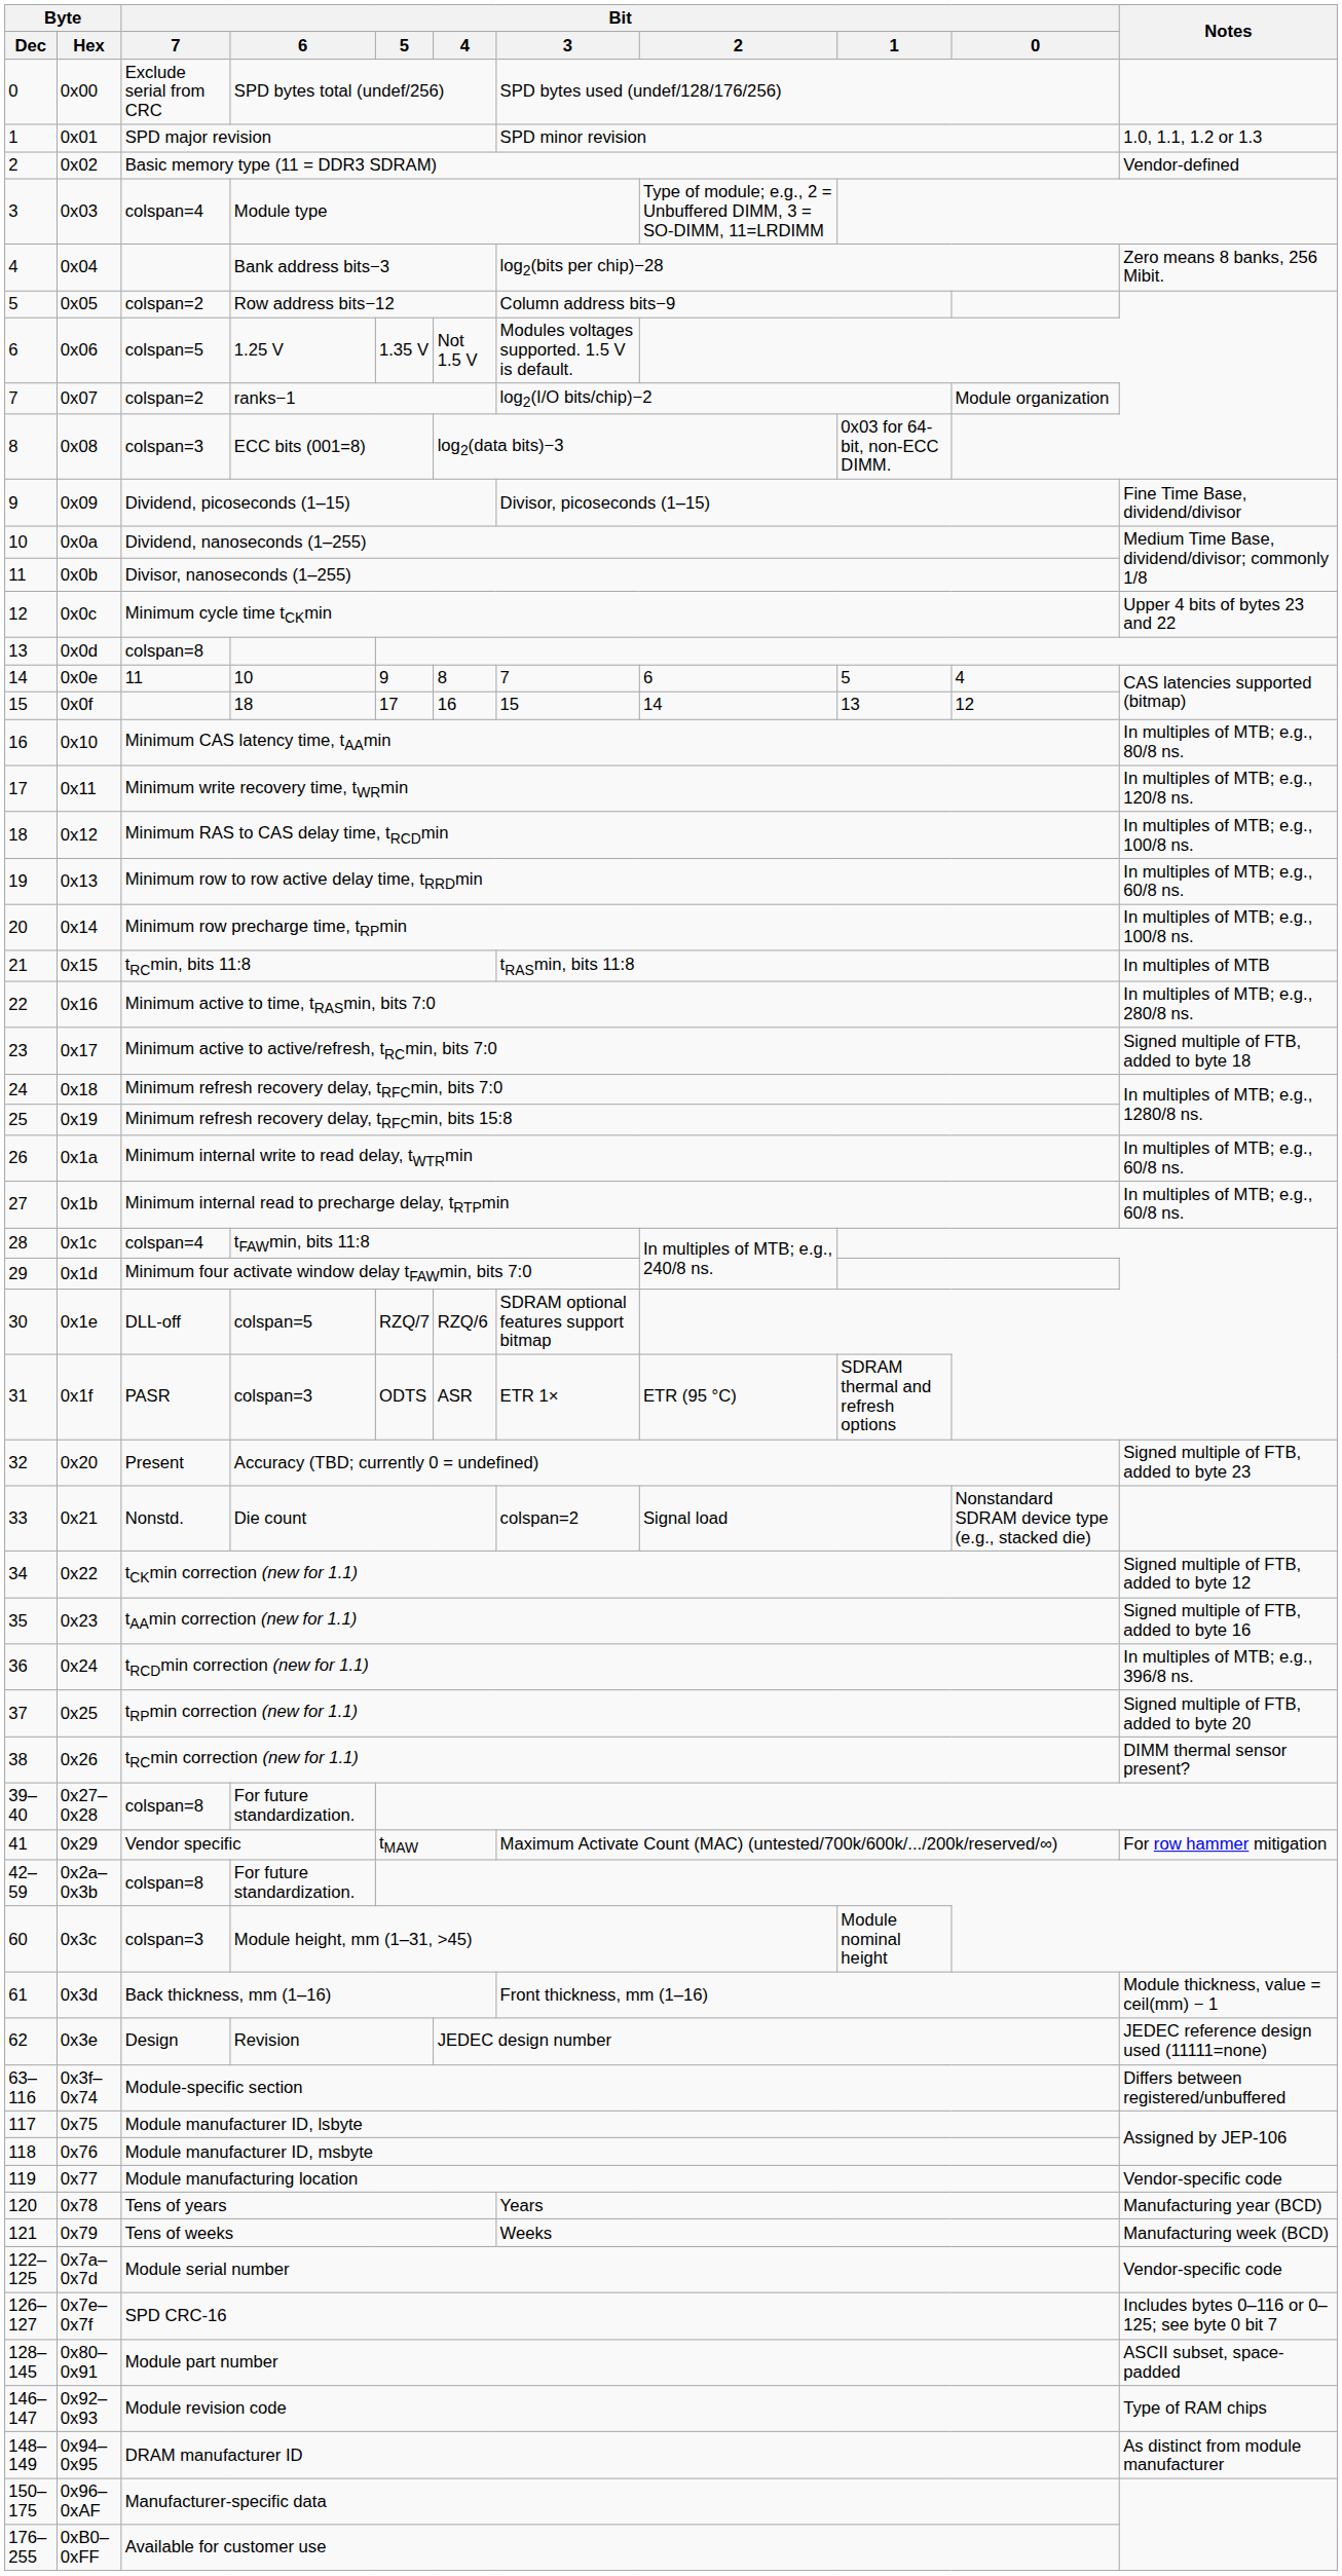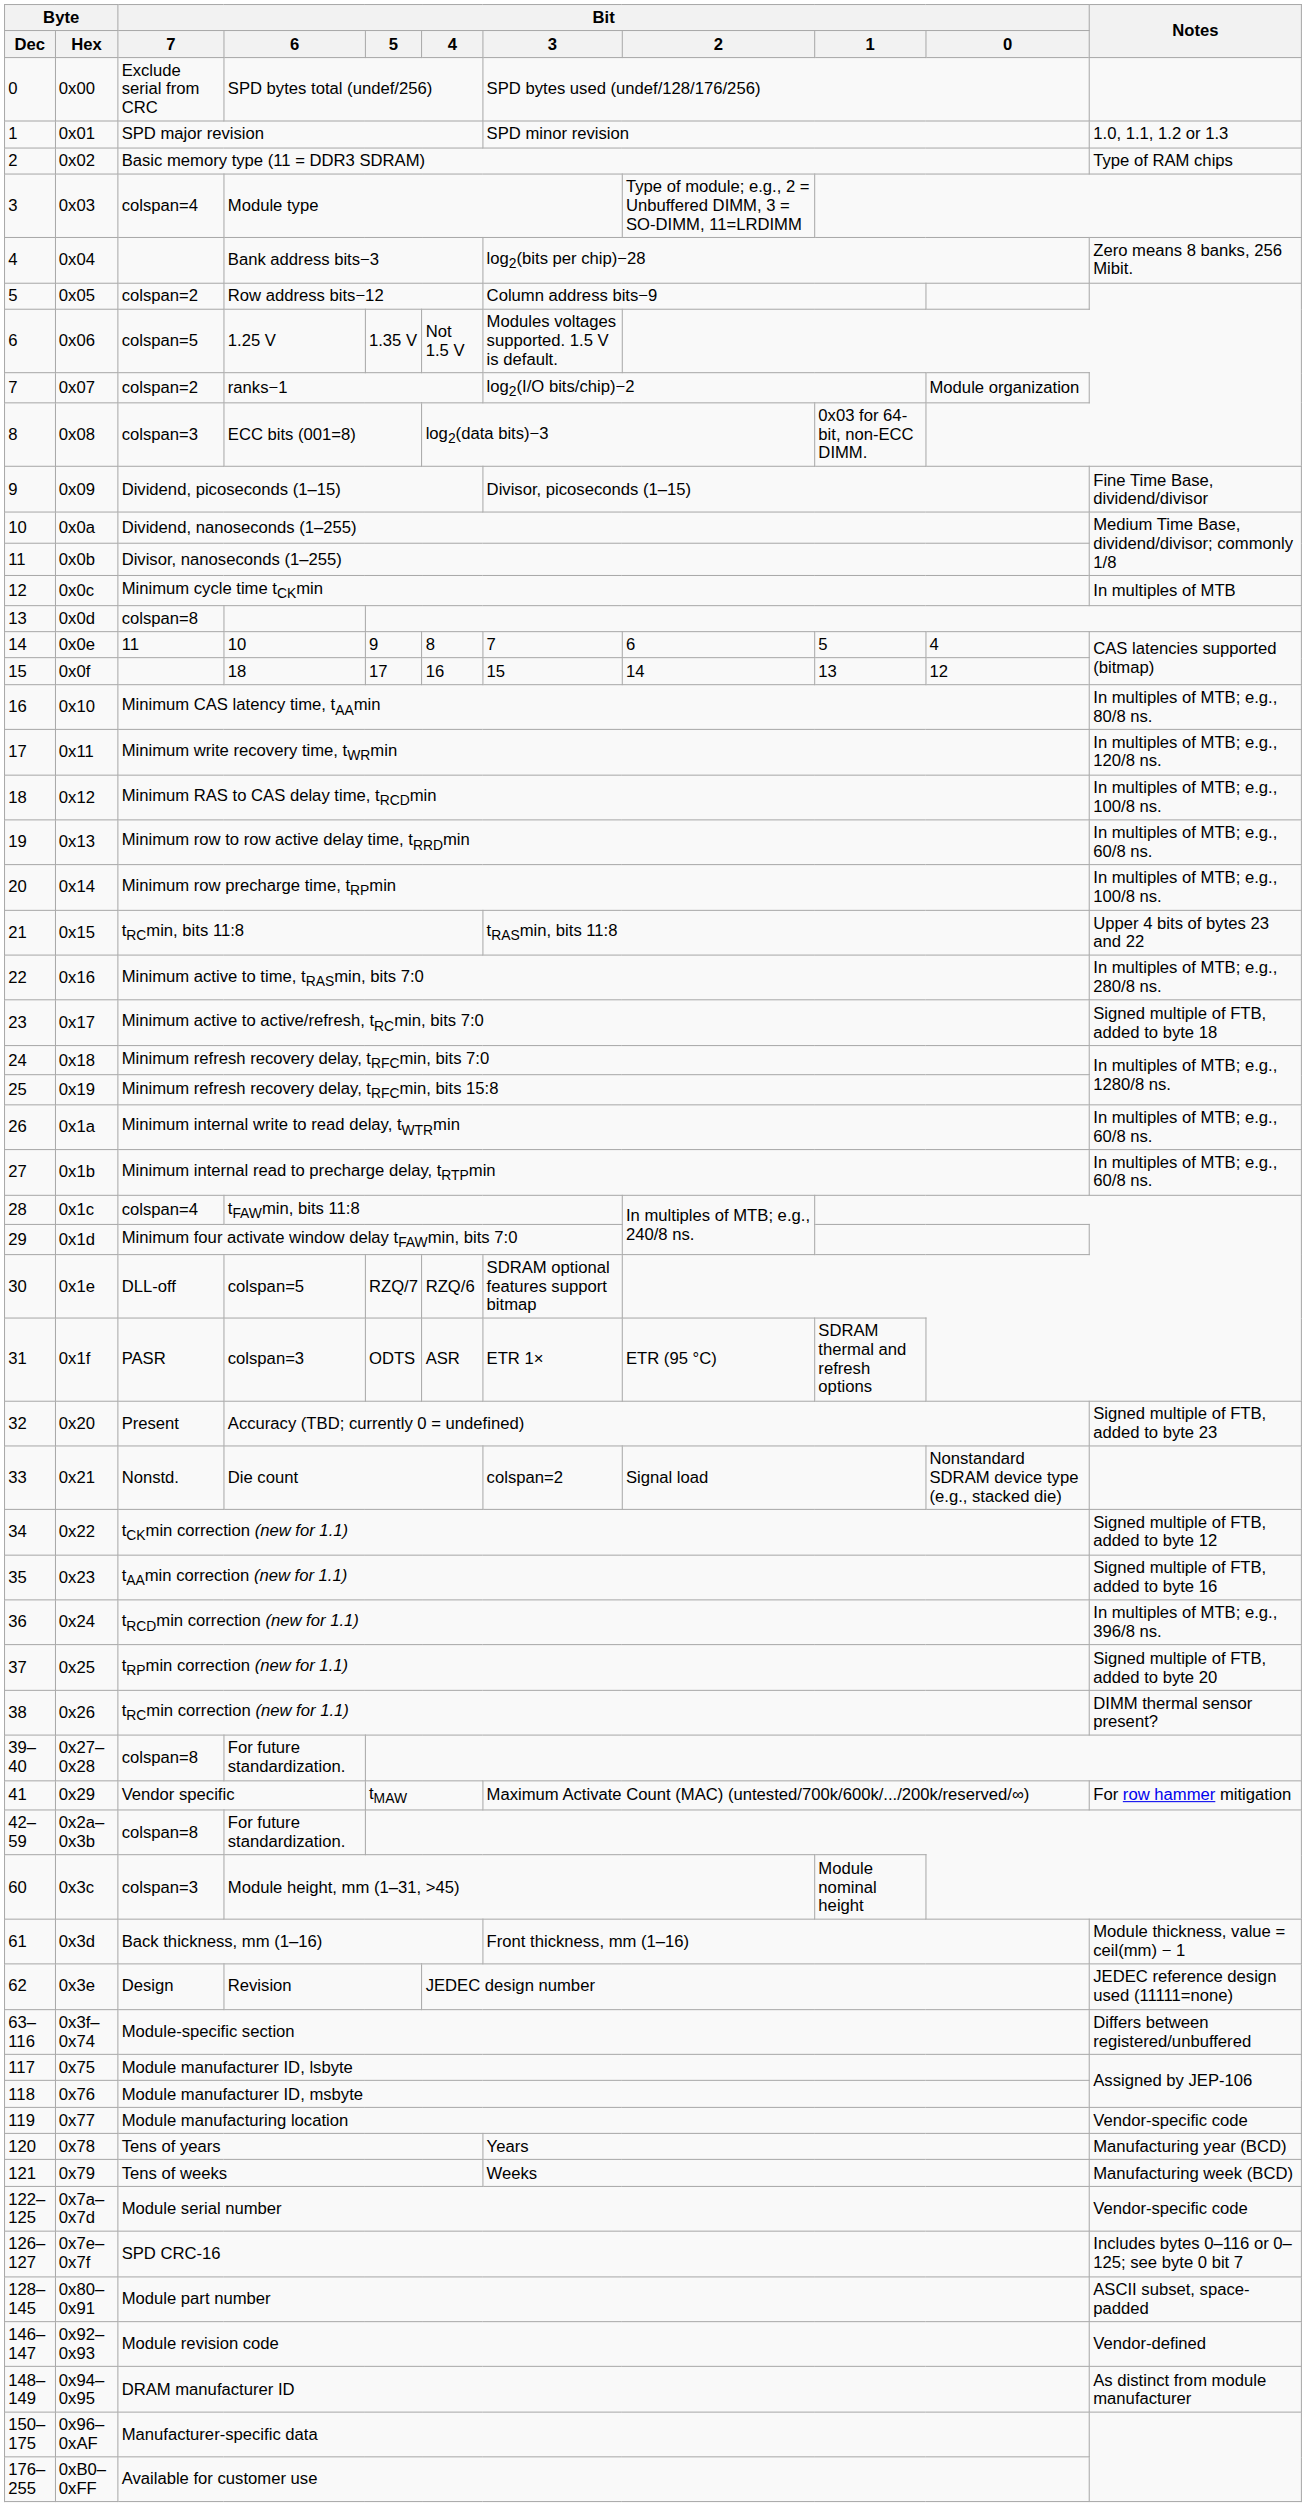 <table class=wikitable>
 <tr>
 <th colspan=2>Byte</th>
 <th colspan=8>Bit</th>
 <th rowspan=2>Notes</th>
 </tr>
 <tr>
 <th>Dec</th>
 <th>Hex</th>
 <th>7</th>
 <th>6</th>
 <th>5</th>
 <th>4</th>
 <th>3</th>
 <th>2</th>
 <th>1</th>
 <th>0</th>
 </tr>
 <tr>
 <td>0</td>
 <td>0x00</td>
 <td>Exclude serial from CRC</td>
 <td colspan=3>SPD bytes total (undef/256)</td>
 <td colspan=4>SPD bytes used (undef/128/176/256)</td>
 <td></td>
 </tr>
 <tr>
 <td>1</td>
 <td>0x01</td>
 <td colspan=4>SPD major revision</td>
 <td colspan=4>SPD minor revision</td>
 <td>1.0, 1.1, 1.2 or 1.3</td>
 </tr>
 <tr>
 <td>2</td>
 <td>0x02</td>
 <td colspan=8>Basic memory type (11 = DDR3 SDRAM)</td>
-<td>Vendor-defined</td>
+<td>Type of RAM chips</td>
 </tr>
 <tr>
 <td>3</td>
 <td>0x03</td>
 <td>colspan=4 </td>
 <td colspan=4>Module type</td>
 <td>Type of module; e.g., 2 = Unbuffered DIMM, 3 = SO-DIMM, 11=LRDIMM</td>
 </tr>
 <tr>
 <td>4</td>
 <td>0x04</td>
 <td></td>
 <td colspan=3>Bank address bits−3</td>
 <td colspan=4>log<sub>2</sub>(bits per chip)−28</td>
 <td>Zero means 8 banks, 256 Mibit.</td>
 </tr>
 <tr>
 <td>5</td>
 <td>0x05</td>
 <td>colspan=2 </td>
 <td colspan=3>Row address bits−12</td>
 <td colspan=3>Column address bits−9</td>
 <td></td>
 </tr>
 <tr>
 <td>6</td>
 <td>0x06</td>
 <td>colspan=5 </td>
 <td>1.25 V</td>
 <td>1.35 V</td>
 <td>Not 1.5 V</td>
 <td>Modules voltages supported. 1.5 V is default.</td>
 </tr>
 <tr>
 <td>7</td>
 <td>0x07</td>
 <td>colspan=2 </td>
 <td colspan=3>ranks−1</td>
 <td colspan=3>log<sub>2</sub>(I/O bits/chip)−2</td>
 <td>Module organization</td>
 </tr>
 <tr>
 <td>8</td>
 <td>0x08</td>
 <td>colspan=3 </td>
 <td colspan=2>ECC bits (001=8)</td>
 <td colspan=3>log<sub>2</sub>(data bits)−3</td>
 <td>0x03 for 64-bit, non-ECC DIMM.</td>
 </tr>
 <tr>
 <td>9</td>
 <td>0x09</td>
 <td colspan=4>Dividend, picoseconds (1–15)</td>
 <td colspan=4>Divisor, picoseconds (1–15)</td>
 <td>Fine Time Base, dividend/divisor</td>
 </tr>
 <tr>
 <td>10</td>
 <td>0x0a</td>
 <td colspan=8>Dividend, nanoseconds (1–255)</td>
 <td rowspan=2>Medium Time Base, dividend/divisor; commonly 1/8</td>
 </tr>
 <tr>
 <td>11</td>
 <td>0x0b</td>
 <td colspan=8>Divisor, nanoseconds (1–255)</td>
 </tr>
 <tr>
 <td>12</td>
 <td>0x0c</td>
 <td colspan=8>Minimum cycle time t<sub>CK</sub>min</td>
-<td>Upper 4 bits of bytes 23 and 22</td>
+<td>In multiples of MTB</td>
 </tr>
 <tr>
 <td>13</td>
 <td>0x0d</td>
 <td>colspan=8 </td>
 <td></td>
 </tr>
 <tr>
 <td>14</td>
 <td>0x0e</td>
 <td>11</td>
 <td>10</td>
 <td>9</td>
 <td>8</td>
 <td>7</td>
 <td>6</td>
 <td>5</td>
 <td>4</td>
 <td rowspan=2>CAS latencies supported (bitmap)</td>
 </tr>
 <tr>
 <td>15</td>
 <td>0x0f</td>
 <td></td>
 <td>18</td>
 <td>17</td>
 <td>16</td>
 <td>15</td>
 <td>14</td>
 <td>13</td>
 <td>12</td>
 </tr>
 <tr>
 <td>16</td>
 <td>0x10</td>
 <td colspan=8>Minimum CAS latency time, t<sub>AA</sub>min</td>
 <td>In multiples of MTB; e.g., 80/8 ns.</td>
 </tr>
 <tr>
 <td>17</td>
 <td>0x11</td>
 <td colspan=8>Minimum write recovery time, t<sub>WR</sub>min</td>
 <td>In multiples of MTB; e.g., 120/8 ns.</td>
 </tr>
 <tr>
 <td>18</td>
 <td>0x12</td>
 <td colspan=8>Minimum RAS to CAS delay time, t<sub>RCD</sub>min</td>
 <td>In multiples of MTB; e.g., 100/8 ns.</td>
 </tr>
 <tr>
 <td>19</td>
 <td>0x13</td>
 <td colspan=8>Minimum row to row active delay time, t<sub>RRD</sub>min</td>
 <td>In multiples of MTB; e.g., 60/8 ns.</td>
 </tr>
 <tr>
 <td>20</td>
 <td>0x14</td>
 <td colspan=8>Minimum row precharge time, t<sub>RP</sub>min</td>
 <td>In multiples of MTB; e.g., 100/8 ns.</td>
 </tr>
 <tr>
 <td>21</td>
 <td>0x15</td>
 <td colspan=4>t<sub>RC</sub>min, bits 11:8</td>
 <td colspan=4>t<sub>RAS</sub>min, bits 11:8</td>
-<td>In multiples of MTB</td>
+<td>Upper 4 bits of bytes 23 and 22</td>
 </tr>
 <tr>
 <td>22</td>
 <td>0x16</td>
 <td colspan=8>Minimum active to time, t<sub>RAS</sub>min, bits 7:0</td>
 <td>In multiples of MTB; e.g., 280/8 ns.</td>
 </tr>
 <tr>
 <td>23</td>
 <td>0x17</td>
 <td colspan=8>Minimum active to active/refresh, t<sub>RC</sub>min, bits 7:0</td>
 <td>Signed multiple of FTB, added to byte 18</td>
 </tr>
 <tr>
 <td>24</td>
 <td>0x18</td>
 <td colspan=8>Minimum refresh recovery delay, t<sub>RFC</sub>min, bits 7:0</td>
 <td rowspan=2>In multiples of MTB; e.g., 1280/8 ns.</td>
 </tr>
 <tr>
 <td>25</td>
 <td>0x19</td>
 <td colspan=8>Minimum refresh recovery delay, t<sub>RFC</sub>min, bits 15:8</td>
 </tr>
 <tr>
 <td>26</td>
 <td>0x1a</td>
 <td colspan=8>Minimum internal write to read delay, t<sub>WTR</sub>min</td>
 <td>In multiples of MTB; e.g., 60/8 ns.</td>
 </tr>
 <tr>
 <td>27</td>
 <td>0x1b</td>
 <td colspan=8>Minimum internal read to precharge delay, t<sub>RTP</sub>min</td>
 <td>In multiples of MTB; e.g., 60/8 ns.</td>
 </tr>
 <tr>
 <td>28</td>
 <td>0x1c</td>
 <td>colspan=4 </td>
 <td colspan=4>t<sub>FAW</sub>min, bits 11:8</td>
 <td rowspan=2>In multiples of MTB; e.g., 240/8 ns.</td>
 </tr>
 <tr>
 <td>29</td>
 <td>0x1d</td>
 <td colspan=8>Minimum four activate window delay t<sub>FAW</sub>min, bits 7:0</td>
 </tr>
 <tr>
 <td>30</td>
 <td>0x1e</td>
 <td>DLL-off</td>
 <td>colspan=5 </td>
 <td>RZQ/7</td>
 <td>RZQ/6</td>
 <td>SDRAM optional features support bitmap</td>
 </tr>
 <tr>
 <td>31</td>
 <td>0x1f</td>
 <td>PASR</td>
 <td>colspan=3 </td>
 <td>ODTS</td>
 <td>ASR</td>
 <td>ETR 1×</td>
 <td>ETR (95 °C)</td>
 <td>SDRAM thermal and refresh options</td>
 </tr>
 <tr>
 <td>32</td>
 <td>0x20</td>
 <td>Present</td>
 <td colspan=7>Accuracy (TBD; currently 0 = undefined)</td>
 <td>Signed multiple of FTB, added to byte 23</td>
 </tr>
 <tr>
 <td>33</td>
 <td>0x21</td>
 <td>Nonstd.</td>
 <td colspan=3>Die count</td>
 <td>colspan=2 </td>
 <td colspan=2>Signal load</td>
 <td>Nonstandard SDRAM device type (e.g., stacked die)</td>
 </tr>
 <tr>
 <td>34</td>
 <td>0x22</td>
 <td colspan=8>t<sub>CK</sub>min correction <em>(new for 1.1)</em></td>
 <td>Signed multiple of FTB, added to byte 12</td>
 </tr>
 <tr>
 <td>35</td>
 <td>0x23</td>
 <td colspan=8>t<sub>AA</sub>min correction <em>(new for 1.1)</em></td>
 <td>Signed multiple of FTB, added to byte 16</td>
 </tr>
 <tr>
 <td>36</td>
 <td>0x24</td>
 <td colspan=8>t<sub>RCD</sub>min correction <em>(new for 1.1)</em></td>
 <td>In multiples of MTB; e.g., 396/8 ns.</td>
 </tr>
 <tr>
 <td>37</td>
 <td>0x25</td>
 <td colspan=8>t<sub>RP</sub>min correction <em>(new for 1.1)</em></td>
 <td>Signed multiple of FTB, added to byte 20</td>
 </tr>
 <tr>
 <td>38</td>
 <td>0x26</td>
 <td colspan=8>t<sub>RC</sub>min correction <em>(new for 1.1)</em></td>
 <td>DIMM thermal sensor present?</td>
 </tr>
 <tr>
 <td>39–40</td>
 <td>0x27–0x28</td>
 <td>colspan=8 </td>
 <td>For future standardization.</td>
 </tr>
 <tr>
 <td>41</td>
 <td>0x29</td>
 <td colspan=2>Vendor specific</td>
 <td colspan=2>t<sub>MAW</sub></td>
 <td colspan=4>Maximum Activate Count (MAC) (untested/700k/600k/.../200k/reserved/∞)</td>
 <td>For <a href='#'>row hammer</a> mitigation</td>
 </tr>
 <tr>
 <td>42–59</td>
 <td>0x2a–0x3b</td>
 <td>colspan=8 </td>
 <td>For future standardization.</td>
 </tr>
 <tr>
 <td>60</td>
 <td>0x3c</td>
 <td>colspan=3 </td>
 <td colspan=5>Module height, mm (1–31, >45)</td>
 <td>Module nominal height</td>
 </tr>
 <tr>
 <td>61</td>
 <td>0x3d</td>
 <td colspan=4>Back thickness, mm (1–16)</td>
 <td colspan=4>Front thickness, mm (1–16)</td>
 <td>Module thickness, value = ceil(mm) − 1</td>
 </tr>
 <tr>
 <td>62</td>
 <td>0x3e</td>
 <td>Design</td>
 <td colspan=2>Revision</td>
 <td colspan=5>JEDEC design number</td>
 <td>JEDEC reference design used (11111=none)</td>
 </tr>
 <tr>
 <td>63–116</td>
 <td>0x3f–0x74</td>
 <td colspan=8>Module-specific section</td>
 <td>Differs between registered/unbuffered</td>
 </tr>
 <tr>
 <td>117</td>
 <td>0x75</td>
 <td colspan=8>Module manufacturer ID, lsbyte</td>
 <td rowspan=2>Assigned by JEP-106</td>
 </tr>
 <tr>
 <td>118</td>
 <td>0x76</td>
 <td colspan=8>Module manufacturer ID, msbyte</td>
 </tr>
 <tr>
 <td>119</td>
 <td>0x77</td>
 <td colspan=8>Module manufacturing location</td>
 <td>Vendor-specific code</td>
 </tr>
 <tr>
 <td>120</td>
 <td>0x78</td>
 <td colspan=4>Tens of years</td>
 <td colspan=4>Years</td>
 <td>Manufacturing year (BCD)</td>
 </tr>
 <tr>
 <td>121</td>
 <td>0x79</td>
 <td colspan=4>Tens of weeks</td>
 <td colspan=4>Weeks</td>
 <td>Manufacturing week (BCD)</td>
 </tr>
 <tr>
 <td>122–125</td>
 <td>0x7a–0x7d</td>
 <td colspan=8>Module serial number</td>
 <td>Vendor-specific code</td>
 </tr>
 <tr>
 <td>126–127</td>
 <td>0x7e–0x7f</td>
 <td colspan=8>SPD CRC-16</td>
 <td>Includes bytes 0–116 or 0–125; see byte 0 bit 7</td>
 </tr>
 <tr>
 <td>128–145</td>
 <td>0x80–0x91</td>
 <td colspan=8>Module part number</td>
 <td>ASCII subset, space-padded</td>
 </tr>
 <tr>
 <td>146–147</td>
 <td>0x92–0x93</td>
 <td colspan=8>Module revision code</td>
-<td>Type of RAM chips</td>
+<td>Vendor-defined</td>
 </tr>
 <tr>
 <td>148–149</td>
 <td>0x94–0x95</td>
 <td colspan=8>DRAM manufacturer ID</td>
 <td>As distinct from module manufacturer</td>
 </tr>
 <tr>
 <td>150–175</td>
 <td>0x96–0xAF</td>
 <td colspan=8>Manufacturer-specific data</td>
 </tr>
 <tr>
 <td>176–255</td>
 <td>0xB0–0xFF</td>
 <td colspan=8>Available for customer use</td>
 </tr>
 </table>
